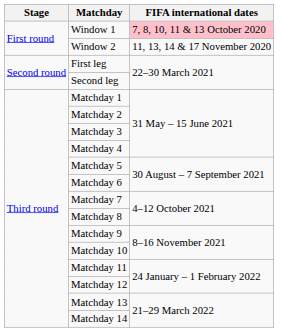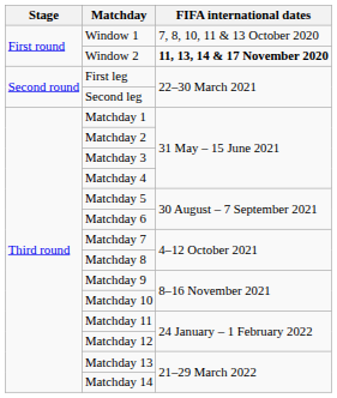 <table class="wikitable mw-collapsible mw-collapsed">
 <tr>
 <th>Stage</th>
 <th>Matchday</th>
 <th>FIFA international dates</th>
 </tr>
 <tr>
 <td rowspan="2"><a href='#'>First round</a></td>
 <td>Window 1</td>
-<td style="background: pink;">7, 8, 10, 11 & 13 October 2020</td>
+<td>7, 8, 10, 11 & 13 October 2020</td>
 </tr>
 <tr>
 <td>Window 2</td>
-<td>11, 13, 14 & 17 November 2020</td>
+<td><strong>11, 13, 14 & 17 November 2020</strong></td>
 </tr>
 <tr>
 <td rowspan="2"><a href='#'>Second round</a></td>
 <td>First leg</td>
 <td rowspan="2">22–30 March 2021</td>
 </tr>
 <tr>
 <td>Second leg</td>
 </tr>
 <tr>
 <td rowspan="14"><a href='#'>Third round</a></td>
 <td>Matchday 1</td>
 <td rowspan="4">31 May – 15 June 2021</td>
 </tr>
 <tr>
 <td>Matchday 2</td>
 </tr>
 <tr>
 <td>Matchday 3</td>
 </tr>
 <tr>
 <td>Matchday 4</td>
 </tr>
 <tr>
 <td>Matchday 5</td>
 <td rowspan="2">30 August – 7 September 2021</td>
 </tr>
 <tr>
 <td>Matchday 6</td>
 </tr>
 <tr>
 <td>Matchday 7</td>
 <td rowspan="2">4–12 October 2021</td>
 </tr>
 <tr>
 <td>Matchday 8</td>
 </tr>
 <tr>
 <td>Matchday 9</td>
 <td rowspan="2">8–16 November 2021</td>
 </tr>
 <tr>
 <td>Matchday 10</td>
 </tr>
 <tr>
 <td>Matchday 11</td>
 <td rowspan="2">24 January – 1 February 2022</td>
 </tr>
 <tr>
 <td>Matchday 12</td>
 </tr>
 <tr>
 <td>Matchday 13</td>
 <td rowspan="2">21–29 March 2022</td>
 </tr>
 <tr>
 <td>Matchday 14</td>
 </tr>
 </table>
